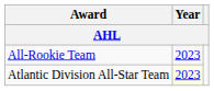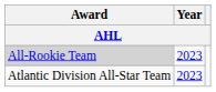 <table class="wikitable">
 <tr>
 <th>Award</th>
 <th>Year</th>
 <th></th>
 </tr>
 <tr ALIGN="center" bgcolor="#e0e0e0">
 <th colspan="3"><a href='#'>AHL</a></th>
 </tr>
 <tr>
-<td><a href='#'>All-Rookie Team</a></td>
+<td style="background: lightgrey;"><a href='#'>All-Rookie Team</a></td>
 <td><a href='#'>2023</a></td>
 </tr>
 <tr>
 <td>Atlantic Division All-Star Team</td>
-<td style="background: lightyellow;"><a href='#'>2023</a></td>
+<td><a href='#'>2023</a></td>
 </tr>
 </table>
